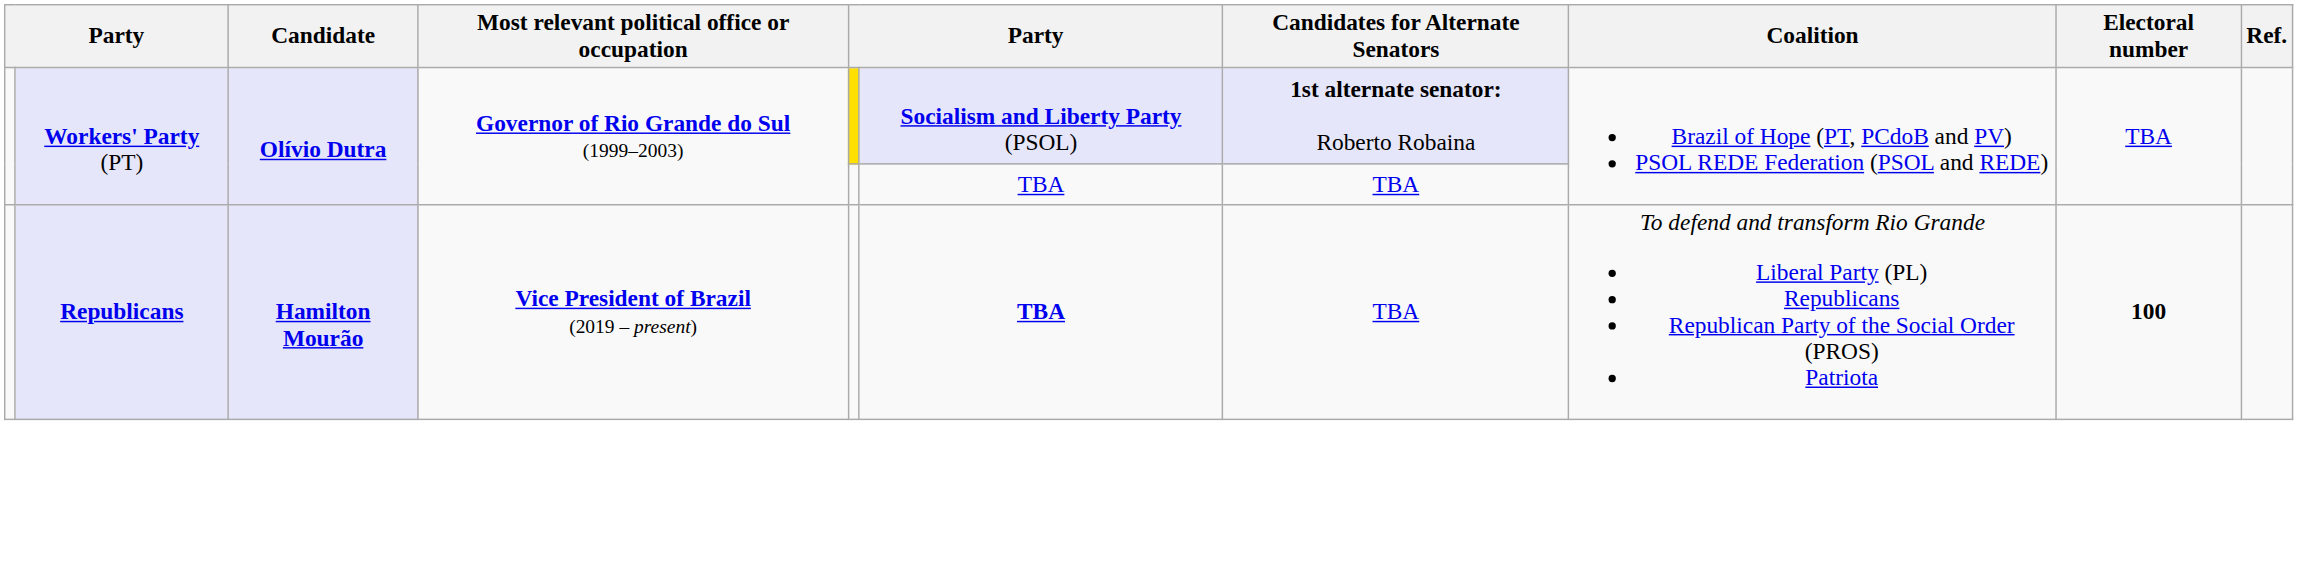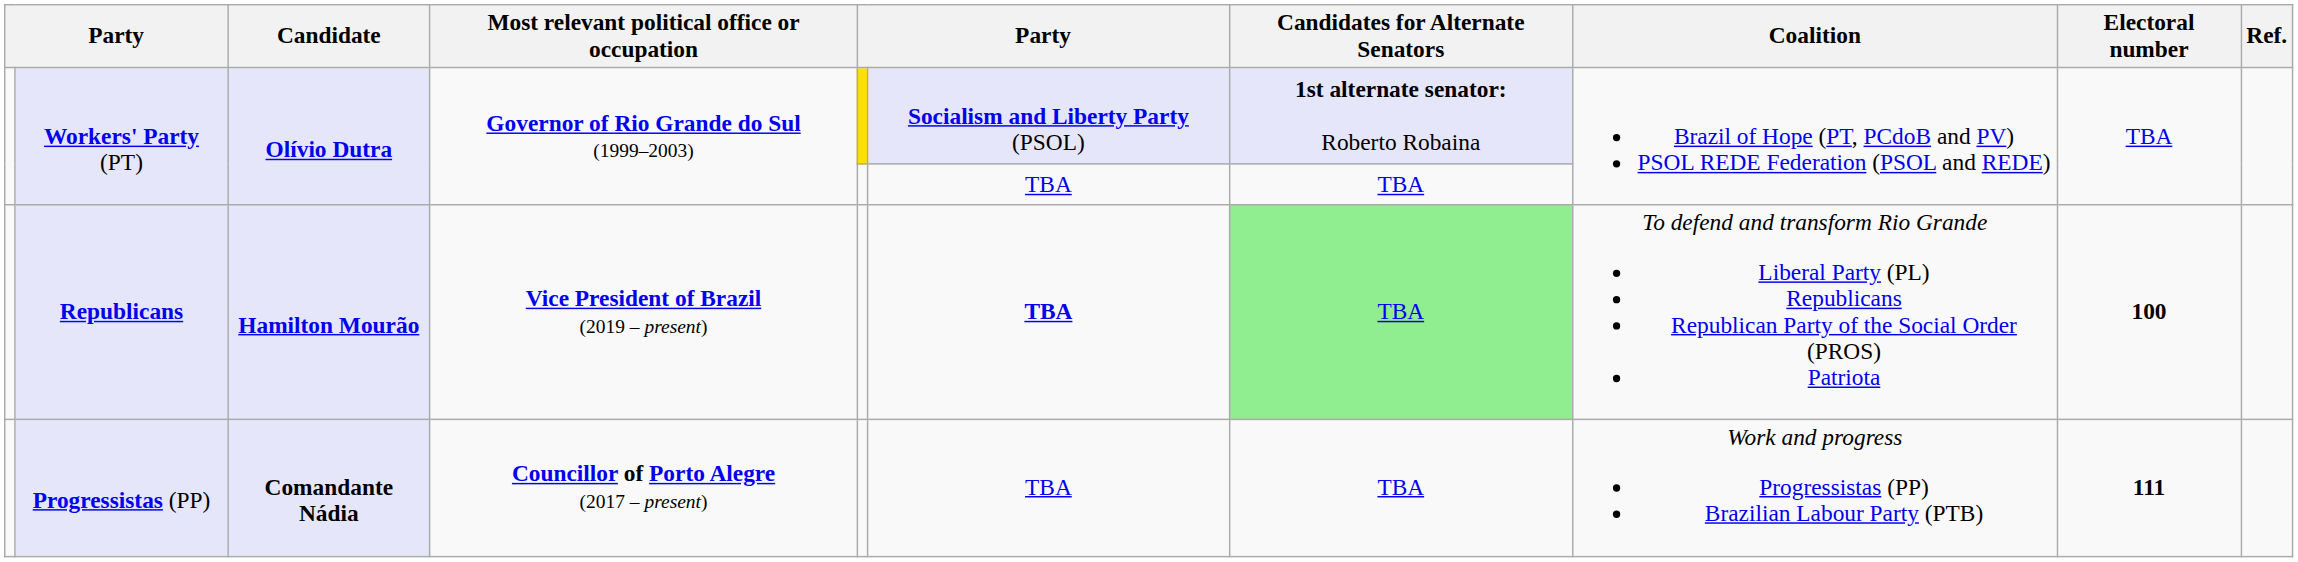 <table class="wikitable" style="text-align:center;">
 <tr>
 <th colspan="2">Party</th>
 <th>Candidate</th>
 <th>Most relevant political office or occupation</th>
 <th colspan="2">Party</th>
 <th>Candidates for Alternate Senators</th>
 <th>Coalition</th>
 <th>Electoral number</th>
 <th>Ref.</th>
 </tr>
 <tr>
 <td rowspan="2" style="background-color:"></td>
 <td rowspan="2" style="background:lavender;"><br><strong><a href='#'>Workers' Party</a></strong> (PT)</td>
 <td rowspan="2" style="background:lavender;"><br><strong><a href='#'>Olívio Dutra</a></strong></td>
 <td rowspan="2"><strong><a href='#'>Governor of Rio Grande do Sul</a></strong><br><small>(1999–2003)</small></td>
 <td style="background-color:#FFE000;"></td>
 <td style="background:lavender;"><br><strong><a href='#'>Socialism and Liberty Party</a></strong> (PSOL)</td>
 <td style="background:lavender;"><strong>1st alternate senator:</strong><br><br>Roberto Robaina</td>
 <td rowspan="2"><br><ul><li><a href='#'>Brazil of Hope</a> (<a href='#'>PT</a>, <a href='#'>PCdoB</a> and <a href='#'>PV</a>)</li><li><a href='#'>PSOL REDE Federation</a> (<a href='#'>PSOL</a> and <a href='#'>REDE</a>)</li></ul></td>
 <td rowspan="2"><a href='#'>TBA</a></td>
 <td rowspan="2"></td>
 </tr>
 <tr>
 <td></td>
 <td><a href='#'>TBA</a></td>
 <td><a href='#'>TBA</a></td>
 </tr>
 <tr>
 <td style="background-color:"></td>
 <td style="background:lavender;"><a href='#'><strong>Republicans</strong></a></td>
 <td style="background:lavender;"><br><strong><a href='#'>Hamilton Mourão</a></strong></td>
 <td><strong><a href='#'>Vice President of Brazil</a></strong><br><small>(2019 – <em>present</em>)</small></td>
 <td></td>
 <td><strong><a href='#'>TBA</a></strong></td>
-<td><a href='#'>TBA</a></td>
+<td style="background: lightgreen;"><a href='#'>TBA</a></td>
 <td><em>To defend and transform Rio Grande</em><br><ul><li><a href='#'>Liberal Party</a> (PL)</li><li><a href='#'>Republicans</a></li><li><a href='#'>Republican Party of the Social Order</a> (PROS)</li><li><a href='#'>Patriota</a></li></ul></td>
 <td><strong>100</strong></td>
 <td></td>
 </tr>
+<tr>
+<td style="background-color:"></td>
+<td style="background:lavender;"><strong></strong><br><strong><a href='#'>Progressistas</a></strong> (PP)</td>
+<td style="background:lavender;"><br><strong>Comandante Nádia</strong></td>
+<td><strong><a href='#'>Councillor</a> of <a href='#'>Porto Alegre</a></strong><br><small>(2017 – <em>present</em>)</small></td>
+<td></td>
+<td><a href='#'>TBA</a></td>
+<td><a href='#'>TBA</a></td>
+<td><em>Work and progress</em><br><ul><li><a href='#'>Progressistas</a> (PP)</li><li><a href='#'>Brazilian Labour Party</a> (PTB)</li></ul></td>
+<td><strong>111</strong></td>
+<td></td>
+</tr>
 </table>
